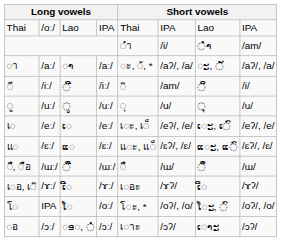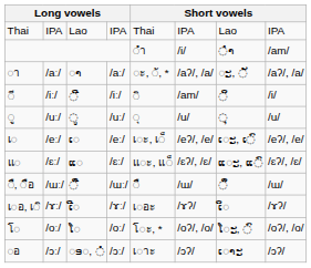 <table class="wikitable">
 <tr>
 <th colspan="4">Long vowels</th>
 <th colspan="4">Short vowels</th>
 </tr>
 <tr>
 <td>Thai</td>
-<td>/oː/</td>
+<td>IPA</td>
 <td>Lao</td>
 <td>IPA</td>
 <td>Thai</td>
 <td>IPA</td>
 <td>Lao</td>
 <td>IPA</td>
 </tr>
 <tr>
 <td colspan="4";></td>
 <td>◌ำ</td>
 <td>/i/</td>
 <td>◌ຳ</td>
 <td>/am/</td>
 </tr>
 <tr>
 <td>◌า</td>
 <td>/aː/</td>
 <td>◌າ</td>
 <td>/aː/</td>
 <td>◌ะ, ◌ั, *</td>
 <td>/aʔ/, /a/</td>
 <td>◌ະ, ◌ັ</td>
 <td>/aʔ/, /a/</td>
 </tr>
 <tr>
 <td>◌ี</td>
 <td>/iː/</td>
 <td>◌ີ</td>
 <td>/iː/</td>
 <td>◌ิ</td>
 <td>/am/</td>
 <td>◌ິ</td>
 <td>/i/</td>
 </tr>
 <tr>
 <td>◌ู</td>
 <td>/uː/</td>
 <td>◌ູ</td>
 <td>/uː/</td>
 <td>◌ุ</td>
 <td>/u/</td>
 <td>◌ຸ</td>
 <td>/u/</td>
 </tr>
 <tr>
 <td>เ◌</td>
 <td>/eː/</td>
 <td>ເ◌</td>
 <td>/eː/</td>
 <td>เ◌ะ, เ◌็</td>
 <td>/eʔ/, /e/</td>
 <td>ເ◌ະ, ເ◌ົ</td>
 <td>/eʔ/, /e/</td>
 </tr>
 <tr>
 <td>แ◌</td>
 <td>/ɛː/</td>
 <td>ແ◌</td>
 <td>/ɛː/</td>
 <td>แ◌ะ, แ◌็</td>
 <td>/ɛʔ/, /ɛ/</td>
 <td>ແ◌ະ, ແ◌ົ</td>
 <td>/ɛʔ/, /ɛ/</td>
 </tr>
 <tr>
 <td>◌ื, ◌ือ</td>
 <td>/ɯː/</td>
 <td>◌ື</td>
 <td>/ɯː/</td>
 <td>◌ื</td>
 <td>/ɯ/</td>
 <td>◌ຶ</td>
 <td>/ɯ/</td>
 </tr>
 <tr>
 <td>เ◌อ, เ◌ิ</td>
 <td>/ɤː/</td>
 <td>ເີ◌</td>
 <td>/ɤː/</td>
 <td>เ◌อะ</td>
 <td>/ɤʔ/</td>
 <td>ເິ◌</td>
 <td>/ɤʔ/</td>
 </tr>
 <tr>
 <td>โ◌</td>
-<td>IPA</td>
+<td>/oː/</td>
 <td>ໂ◌</td>
 <td>/oː/</td>
 <td>โ◌ะ, *</td>
 <td>/oʔ/, /o/</td>
 <td>ໂ◌ະ, ◌ົ</td>
 <td>/oʔ/, /o/</td>
 </tr>
 <tr>
 <td>◌อ</td>
 <td>/ɔː/</td>
 <td>◌ອ◌, ◌ໍ</td>
 <td>/ɔː/</td>
 <td>เ◌าะ</td>
 <td>/ɔʔ/</td>
 <td>ເ◌າະ</td>
 <td>/ɔʔ/</td>
 </tr>
 </table>
